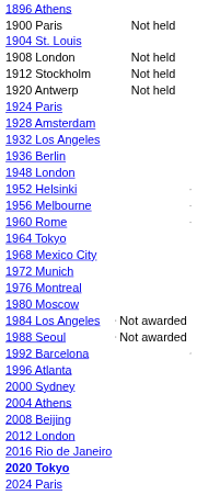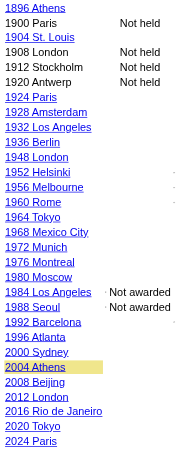 <table>
 <tr>
 <td><a href='#'>1896 Athens</a><br></td>
 <td></td>
 <td></td>
 <td></td>
 </tr>
 <tr>
 <td>1900 Paris</td>
 <td colspan=3 align=center>Not held</td>
 </tr>
 <tr>
 <td><a href='#'>1904 St. Louis</a><br></td>
 <td></td>
 <td></td>
 <td></td>
 </tr>
 <tr>
 <td>1908 London</td>
 <td colspan=3 align=center>Not held</td>
 </tr>
 <tr>
 <td>1912 Stockholm</td>
 <td colspan=3 align=center>Not held</td>
 </tr>
 <tr>
 <td>1920 Antwerp</td>
 <td colspan=3 align=center>Not held</td>
 </tr>
 <tr>
 <td><a href='#'>1924 Paris</a><br></td>
 <td></td>
 <td></td>
 <td></td>
 </tr>
 <tr>
 <td><a href='#'>1928 Amsterdam</a><br></td>
 <td></td>
 <td></td>
 <td></td>
 </tr>
 <tr>
 <td><a href='#'>1932 Los Angeles</a><br></td>
 <td></td>
 <td></td>
 <td></td>
 </tr>
 <tr>
 <td><a href='#'>1936 Berlin</a><br></td>
 <td></td>
 <td></td>
 <td></td>
 </tr>
 <tr>
 <td><a href='#'>1948 London</a><br></td>
 <td></td>
 <td></td>
 <td></td>
 </tr>
 <tr>
 <td><a href='#'>1952 Helsinki</a><br></td>
 <td></td>
 <td></td>
 <td><hr></td>
 </tr>
 <tr>
 <td><a href='#'>1956 Melbourne</a><br></td>
 <td></td>
 <td></td>
 <td><hr></td>
 </tr>
 <tr>
 <td><a href='#'>1960 Rome</a><br></td>
 <td></td>
 <td></td>
 <td><hr></td>
 </tr>
 <tr>
 <td><a href='#'>1964 Tokyo</a><br></td>
 <td></td>
 <td></td>
 <td></td>
 </tr>
 <tr>
 <td><a href='#'>1968 Mexico City</a><br></td>
 <td></td>
 <td></td>
 <td></td>
 </tr>
 <tr>
 <td><a href='#'>1972 Munich</a><br></td>
 <td></td>
 <td></td>
 <td></td>
 </tr>
 <tr>
 <td><a href='#'>1976 Montreal</a><br></td>
 <td></td>
 <td></td>
 <td></td>
 </tr>
 <tr>
 <td><a href='#'>1980 Moscow</a><br></td>
 <td></td>
 <td></td>
 <td></td>
 </tr>
 <tr>
 <td><a href='#'>1984 Los Angeles</a><br></td>
 <td><hr></td>
 <td>Not awarded</td>
 <td></td>
 </tr>
 <tr>
 <td><a href='#'>1988 Seoul</a><br></td>
 <td><hr></td>
 <td>Not awarded</td>
 <td></td>
 </tr>
 <tr>
 <td><a href='#'>1992 Barcelona</a><br></td>
 <td></td>
 <td></td>
 <td><hr></td>
 </tr>
 <tr>
 <td><a href='#'>1996 Atlanta</a><br></td>
 <td></td>
 <td></td>
 <td></td>
 </tr>
 <tr>
 <td><a href='#'>2000 Sydney</a><br></td>
 <td></td>
 <td></td>
 <td></td>
 </tr>
 <tr>
-<td><a href='#'>2004 Athens</a><br></td>
+<td style="background: khaki;"><a href='#'>2004 Athens</a><br></td>
 <td></td>
 <td></td>
 <td></td>
 </tr>
 <tr>
 <td><a href='#'>2008 Beijing</a><br></td>
 <td></td>
 <td></td>
 <td></td>
 </tr>
 <tr>
 <td><a href='#'>2012 London</a><br></td>
 <td></td>
 <td></td>
 <td></td>
 </tr>
 <tr>
 <td><a href='#'>2016 Rio de Janeiro</a><br></td>
 <td></td>
 <td></td>
 <td></td>
 </tr>
 <tr>
-<td><strong><a href='#'>2020 Tokyo</a><br></strong></td>
+<td><a href='#'>2020 Tokyo</a><br></td>
 <td></td>
 <td></td>
 <td></td>
 </tr>
 <tr>
 <td><a href='#'>2024 Paris</a><br></td>
 <td></td>
 <td></td>
 <td></td>
 </tr>
 </table>
